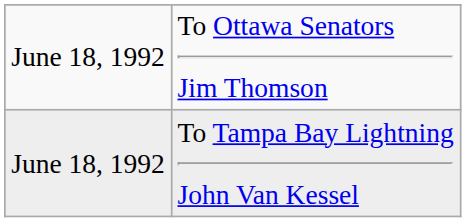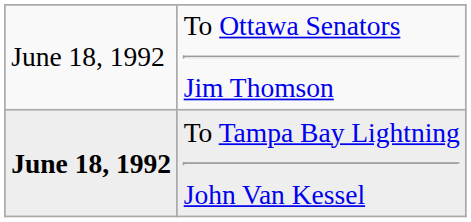 <table class="wikitable">
 <tr>
 <td>June 18, 1992</td>
 <td valign="top">To <a href='#'>Ottawa Senators</a><hr><a href='#'>Jim Thomson</a></td>
 </tr>
 <tr style="background:#eee;">
-<td>June 18, 1992</td>
+<td><strong>June 18, 1992</strong></td>
 <td valign="top">To <a href='#'>Tampa Bay Lightning</a><hr><a href='#'>John Van Kessel</a></td>
 </tr>
 </table>
